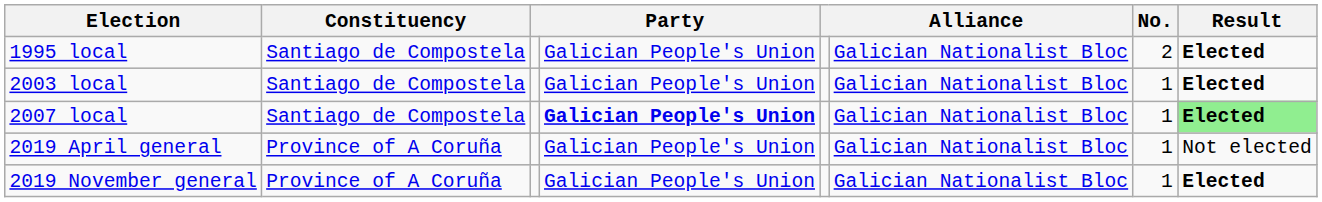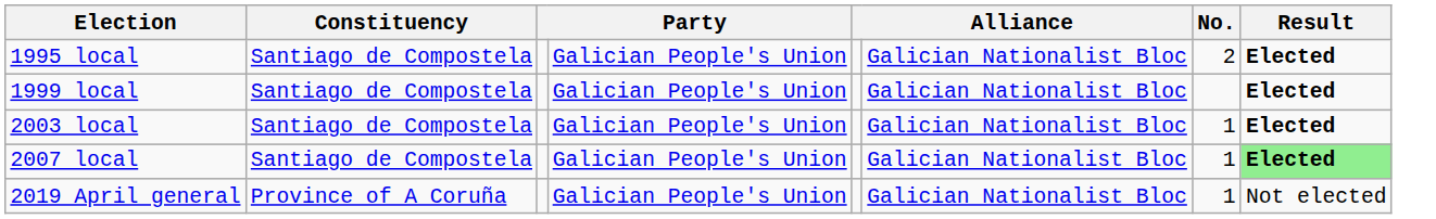 <table class="wikitable" style="text-align:left;">
 <tr>
 <th scope=col>Election</th>
 <th scope=col>Constituency</th>
 <th scope=col colspan="2">Party</th>
 <th scope=col colspan="2">Alliance</th>
 <th scope=col>No.</th>
 <th scope=col>Result</th>
 </tr>
 <tr>
 <td><a href='#'>1995 local</a></td>
 <td><a href='#'>Santiago de Compostela</a></td>
 <td style="background:"></td>
 <td><a href='#'>Galician People's Union</a></td>
 <td style="background:"></td>
 <td><a href='#'>Galician Nationalist Bloc</a></td>
 <td align=right>2</td>
 <td><strong>Elected</strong></td>
 </tr>
 <tr>
+<td><a href='#'>1999 local</a></td>
+<td><a href='#'>Santiago de Compostela</a></td>
+<td style="background:"></td>
+<td><a href='#'>Galician People's Union</a></td>
+<td style="background:"></td>
+<td><a href='#'>Galician Nationalist Bloc</a></td>
+<td align=right></td>
+<td><strong>Elected</strong></td>
+</tr>
+<tr>
 <td><a href='#'>2003 local</a></td>
 <td><a href='#'>Santiago de Compostela</a></td>
 <td style="background:"></td>
 <td><a href='#'>Galician People's Union</a></td>
 <td style="background:"></td>
 <td><a href='#'>Galician Nationalist Bloc</a></td>
 <td align=right>1</td>
 <td><strong>Elected</strong></td>
 </tr>
 <tr>
 <td><a href='#'>2007 local</a></td>
 <td><a href='#'>Santiago de Compostela</a></td>
 <td style="background:"></td>
-<td><strong><a href='#'>Galician People's Union</a></strong></td>
+<td><a href='#'>Galician People's Union</a></td>
 <td style="background:"></td>
 <td><a href='#'>Galician Nationalist Bloc</a></td>
 <td align=right>1</td>
 <td style="background: lightgreen;"><strong>Elected</strong></td>
 </tr>
 <tr>
 <td><a href='#'>2019 April general</a></td>
 <td><a href='#'>Province of A Coruña</a></td>
 <td style="background:"></td>
 <td><a href='#'>Galician People's Union</a></td>
 <td style="background:"></td>
 <td><a href='#'>Galician Nationalist Bloc</a></td>
 <td align=right>1</td>
 <td>Not elected</td>
 </tr>
-<tr>
-<td><a href='#'>2019 November general</a></td>
-<td><a href='#'>Province of A Coruña</a></td>
-<td style="background:"></td>
-<td><a href='#'>Galician People's Union</a></td>
-<td style="background:"></td>
-<td><a href='#'>Galician Nationalist Bloc</a></td>
-<td align=right>1</td>
-<td><strong>Elected</strong></td>
-</tr>
 </table>
